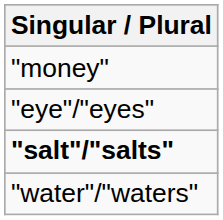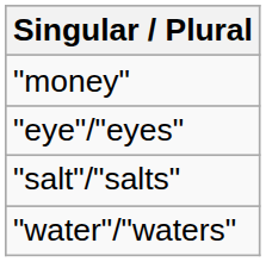 <table class="wikitable">
 <tr>
 <th>Singular / Plural</th>
 </tr>
 <tr>
 <td> "money"</td>
 </tr>
 <tr>
 <td> "eye"/"eyes"</td>
 </tr>
 <tr>
-<td><strong> "salt"/"salts"</strong></td>
+<td> "salt"/"salts"</td>
 </tr>
 <tr>
 <td> "water"/"waters"</td>
 </tr>
 </table>
